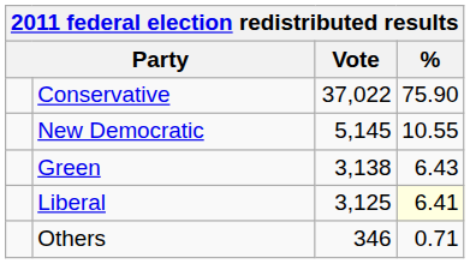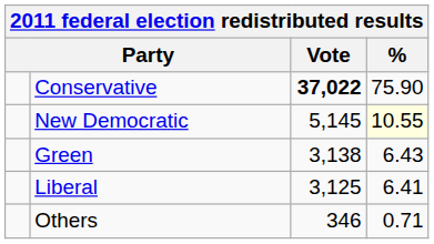 <table class="wikitable">
 <tr>
 <th colspan="4"><a href='#'>2011 federal election</a> redistributed results</th>
 </tr>
 <tr>
 <th bgcolor="#DDDDFF" width="130px" colspan="2">Party</th>
 <th bgcolor="#DDDDFF" width="50px">Vote</th>
 <th bgcolor="#DDDDFF" width="30px">%</th>
 </tr>
 <tr>
 <td> </td>
 <td><a href='#'>Conservative</a></td>
-<td align=right>37,022</td>
+<td align=right><strong>37,022</strong></td>
 <td align=right>75.90</td>
 </tr>
 <tr>
 <td> </td>
 <td><a href='#'>New Democratic</a></td>
 <td align=right>5,145</td>
-<td align=right>10.55</td>
+<td align=right style="background: lightyellow;">10.55</td>
 </tr>
 <tr>
 <td> </td>
 <td><a href='#'>Green</a></td>
 <td align=right>3,138</td>
 <td align=right>6.43</td>
 </tr>
 <tr>
 <td> </td>
 <td><a href='#'>Liberal</a></td>
 <td align=right>3,125</td>
-<td align=right style="background: lightyellow;">6.41</td>
+<td align=right>6.41</td>
 </tr>
 <tr>
 <td> </td>
 <td>Others</td>
 <td align=right>346</td>
 <td align=right>0.71</td>
 </tr>
 </table>
